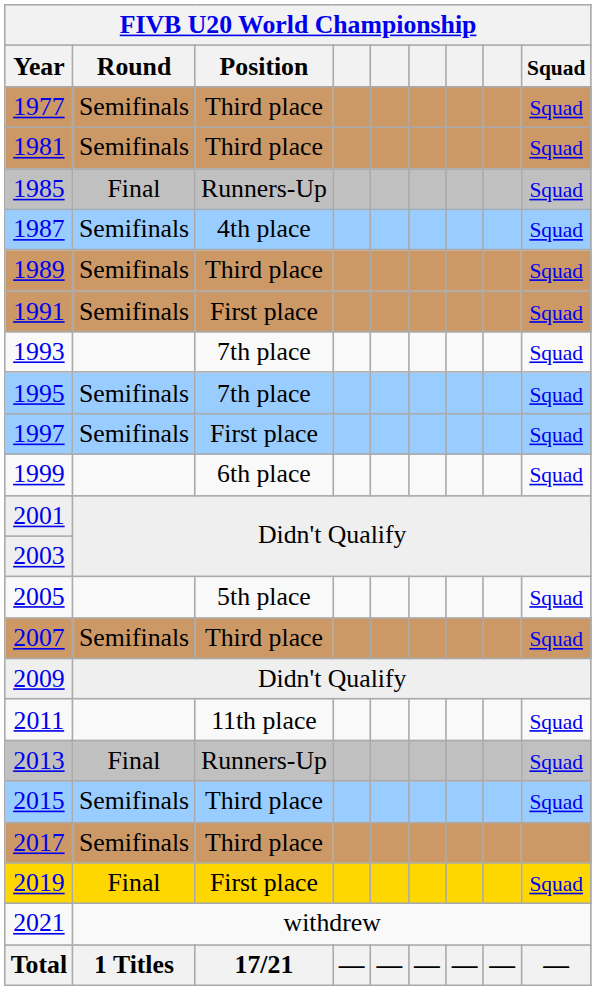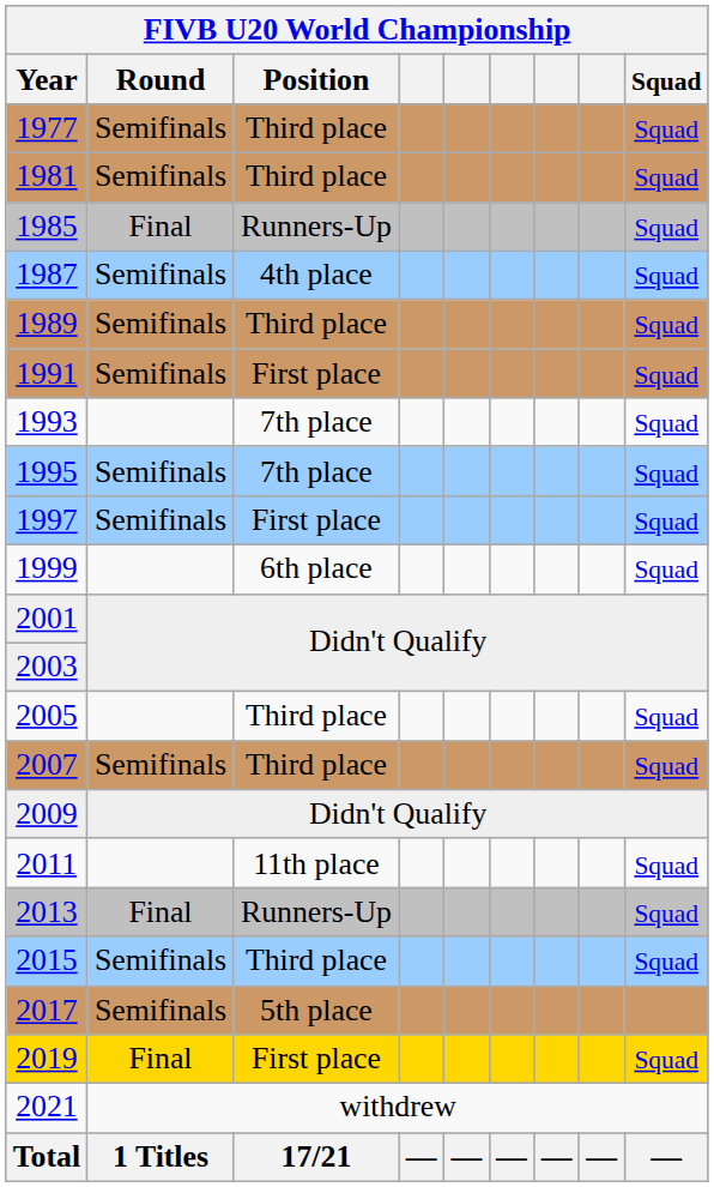 <table class="wikitable" style="text-align: center;">
 <tr>
 <th colspan=9><a href='#'>FIVB U20 World Championship</a></th>
 </tr>
 <tr>
 <th>Year</th>
 <th>Round</th>
 <th>Position</th>
 <th></th>
 <th></th>
 <th></th>
 <th></th>
 <th></th>
 <th><small>Squad</small></th>
 </tr>
 <tr bgcolor=cc9966>
 <td> <a href='#'>1977</a></td>
 <td>Semifinals</td>
 <td>Third place</td>
 <td></td>
 <td></td>
 <td></td>
 <td></td>
 <td></td>
 <td><small><a href='#'>Squad</a></small></td>
 </tr>
 <tr bgcolor=cc9966>
 <td> <a href='#'>1981</a></td>
 <td>Semifinals</td>
 <td>Third place</td>
 <td></td>
 <td></td>
 <td></td>
 <td></td>
 <td></td>
 <td><small><a href='#'>Squad</a></small></td>
 </tr>
 <tr bgcolor=silver>
 <td> <a href='#'>1985</a></td>
 <td>Final</td>
 <td>Runners-Up</td>
 <td></td>
 <td></td>
 <td></td>
 <td></td>
 <td></td>
 <td><small><a href='#'>Squad</a></small></td>
 </tr>
 <tr bgcolor=9acdff>
 <td> <a href='#'>1987</a></td>
 <td>Semifinals</td>
 <td>4th place</td>
 <td></td>
 <td></td>
 <td></td>
 <td></td>
 <td></td>
 <td><small><a href='#'>Squad</a></small></td>
 </tr>
 <tr bgcolor=cc9966>
 <td> <a href='#'>1989</a></td>
 <td>Semifinals</td>
 <td>Third place</td>
 <td></td>
 <td></td>
 <td></td>
 <td></td>
 <td></td>
 <td><small><a href='#'>Squad</a></small></td>
 </tr>
 <tr bgcolor=cc9966>
 <td> <a href='#'>1991</a></td>
 <td>Semifinals</td>
 <td>First place</td>
 <td></td>
 <td></td>
 <td></td>
 <td></td>
 <td></td>
 <td><small><a href='#'>Squad</a></small></td>
 </tr>
 <tr>
 <td> <a href='#'>1993</a></td>
 <td></td>
 <td>7th place</td>
 <td></td>
 <td></td>
 <td></td>
 <td></td>
 <td></td>
 <td><small> <a href='#'>Squad</a></small></td>
 </tr>
 <tr bgcolor=9acdff>
 <td> <a href='#'>1995</a></td>
 <td>Semifinals</td>
 <td>7th place</td>
 <td></td>
 <td></td>
 <td></td>
 <td></td>
 <td></td>
 <td><small><a href='#'>Squad</a></small></td>
 </tr>
 <tr bgcolor=9acdff>
 <td> <a href='#'>1997</a></td>
 <td>Semifinals</td>
 <td>First place</td>
 <td></td>
 <td></td>
 <td></td>
 <td></td>
 <td></td>
 <td><small><a href='#'>Squad</a></small></td>
 </tr>
 <tr>
 <td> <a href='#'>1999</a></td>
 <td></td>
 <td>6th place</td>
 <td></td>
 <td></td>
 <td></td>
 <td></td>
 <td></td>
 <td><small> <a href='#'>Squad</a></small></td>
 </tr>
 <tr bgcolor="efefef">
 <td> <a href='#'>2001</a></td>
 <td colspan=9 rowspan=2>Didn't Qualify</td>
 </tr>
 <tr bgcolor="efefef">
 <td> <a href='#'>2003</a></td>
 </tr>
 <tr>
 <td> <a href='#'>2005</a></td>
 <td></td>
-<td>5th place</td>
+<td>Third place</td>
 <td></td>
 <td></td>
 <td></td>
 <td></td>
 <td></td>
 <td><small> <a href='#'>Squad</a></small></td>
 </tr>
 <tr bgcolor=cc9966>
 <td> <a href='#'>2007</a></td>
 <td>Semifinals</td>
 <td>Third place</td>
 <td></td>
 <td></td>
 <td></td>
 <td></td>
 <td></td>
 <td><small><a href='#'>Squad</a></small></td>
 </tr>
 <tr bgcolor="efefef">
 <td> <a href='#'>2009</a></td>
 <td colspan=9>Didn't Qualify</td>
 </tr>
 <tr>
 <td> <a href='#'>2011</a></td>
 <td></td>
 <td>11th place</td>
 <td></td>
 <td></td>
 <td></td>
 <td></td>
 <td></td>
 <td><small> <a href='#'>Squad</a></small></td>
 </tr>
 <tr bgcolor=silver>
 <td> <a href='#'>2013</a></td>
 <td>Final</td>
 <td>Runners-Up</td>
 <td></td>
 <td></td>
 <td></td>
 <td></td>
 <td></td>
 <td><small><a href='#'>Squad</a></small></td>
 </tr>
 <tr bgcolor=9acdff>
 <td> <a href='#'>2015</a></td>
 <td>Semifinals</td>
 <td>Third place</td>
 <td></td>
 <td></td>
 <td></td>
 <td></td>
 <td></td>
 <td><small><a href='#'>Squad</a></small></td>
 </tr>
 <tr bgcolor=cc9966>
 <td> <a href='#'>2017</a></td>
 <td>Semifinals</td>
-<td>Third place</td>
+<td>5th place</td>
 <td></td>
 <td></td>
 <td></td>
 <td></td>
 <td></td>
 <td></td>
 </tr>
 <tr bgcolor=gold>
 <td> <a href='#'>2019</a></td>
 <td>Final</td>
 <td>First place</td>
 <td></td>
 <td></td>
 <td></td>
 <td></td>
 <td></td>
 <td><small><a href='#'>Squad</a></small></td>
 </tr>
 <tr>
 <td>  <a href='#'>2021</a></td>
 <td colspan=9>withdrew</td>
 </tr>
 <tr>
 <th>Total</th>
 <th>1 Titles</th>
 <th>17/21</th>
 <th>—</th>
 <th>—</th>
 <th>—</th>
 <th>—</th>
 <th>—</th>
 <th>—</th>
 </tr>
 </table>
